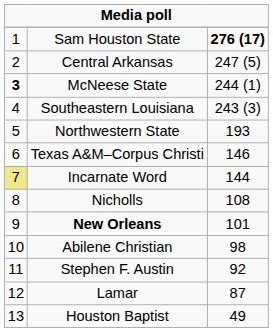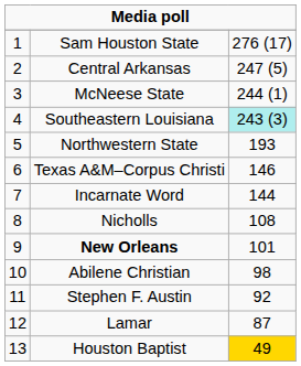 <table class="wikitable">
 <tr align="center">
 <td align="center" Colspan="3"><strong>Media poll</strong></td>
 </tr>
 <tr align="center">
 </tr>
 <tr align="center">
 <td>1</td>
 <td>Sam Houston State</td>
-<td><strong>276 (17)</strong></td>
+<td>276 (17)</td>
 </tr>
 <tr align="center">
 <td>2</td>
 <td>Central Arkansas</td>
 <td>247 (5)</td>
 </tr>
 <tr align="center">
-<td><strong>3</strong></td>
+<td>3</td>
 <td>McNeese State</td>
 <td>244 (1)</td>
 </tr>
 <tr align="center">
 <td>4</td>
 <td>Southeastern Louisiana</td>
-<td>243 (3)</td>
+<td style="background: paleturquoise;">243 (3)</td>
 </tr>
 <tr align="center">
 <td>5</td>
 <td>Northwestern State</td>
 <td>193</td>
 </tr>
 <tr align="center">
 <td>6</td>
 <td>Texas A&M–Corpus Christi</td>
 <td>146</td>
 </tr>
 <tr align="center">
-<td style="background: khaki;">7</td>
+<td>7</td>
 <td>Incarnate Word</td>
 <td>144</td>
 </tr>
 <tr align="center">
 <td>8</td>
 <td>Nicholls</td>
 <td>108</td>
 </tr>
 <tr align="center">
 <td>9</td>
 <td><strong>New Orleans</strong></td>
 <td>101</td>
 </tr>
 <tr align="center">
 <td>10</td>
 <td>Abilene Christian</td>
 <td>98</td>
 </tr>
 <tr align="center">
 <td>11</td>
 <td>Stephen F. Austin</td>
 <td>92</td>
 </tr>
 <tr align="center">
 <td>12</td>
 <td>Lamar</td>
 <td>87</td>
 </tr>
 <tr align="center">
 <td>13</td>
 <td>Houston Baptist</td>
-<td>49</td>
+<td style="background: gold;">49</td>
 </tr>
 </table>
